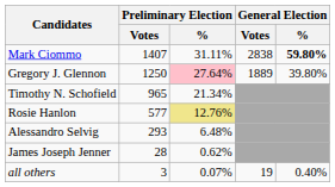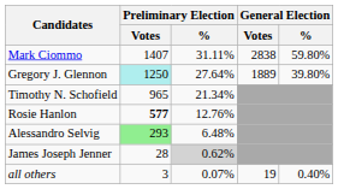 <table class=wikitable>
 <tr>
 <th colspan=1 rowspan=2><strong>Candidates</strong></th>
 <th colspan=2><strong>Preliminary Election</strong></th>
 <th colspan=2><strong>General Election</strong></th>
 </tr>
 <tr>
 <th>Votes</th>
 <th>%</th>
 <th>Votes</th>
 <th>%</th>
 </tr>
 <tr>
 <td><a href='#'>Mark Ciommo</a></td>
 <td align="right">1407</td>
 <td align="right">31.11%</td>
 <td align="right">2838</td>
-<td align="right"><strong>59.80%</strong></td>
+<td align="right">59.80%</td>
 </tr>
 <tr>
 <td>Gregory J. Glennon</td>
-<td align="right">1250</td>
-<td align="right" style="background: pink;">27.64%</td>
+<td align="right" style="background: paleturquoise;">1250</td>
+<td align="right">27.64%</td>
 <td align="right">1889</td>
 <td align="right">39.80%</td>
 </tr>
 <tr>
 <td>Timothy N. Schofield</td>
 <td align="right">965</td>
 <td align="right">21.34%</td>
 <td colspan=2 bgcolor=darkgray> </td>
 </tr>
 <tr>
 <td>Rosie Hanlon</td>
-<td align="right">577</td>
-<td align="right" style="background: khaki;">12.76%</td>
+<td align="right"><strong>577</strong></td>
+<td align="right">12.76%</td>
 <td colspan=2 bgcolor=darkgray> </td>
 </tr>
 <tr>
 <td>Alessandro Selvig</td>
-<td align="right">293</td>
+<td align="right" style="background: lightgreen;">293</td>
 <td align="right">6.48%</td>
 <td colspan=2 bgcolor=darkgray> </td>
 </tr>
 <tr>
 <td>James Joseph Jenner</td>
 <td align="right">28</td>
-<td align="right">0.62%</td>
+<td align="right" style="background: lightgrey;">0.62%</td>
 <td colspan=2 bgcolor=darkgray> </td>
 </tr>
 <tr>
 <td><em>all others</em></td>
 <td align="right">3</td>
 <td align="right">0.07%</td>
 <td align="right">19</td>
 <td align="right">0.40%</td>
 </tr>
 </table>
